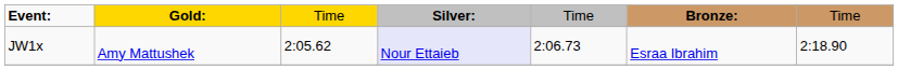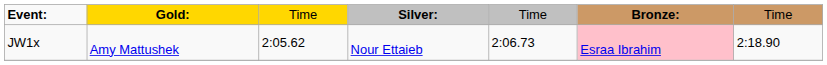 <table class="wikitable" width=80%>
 <tr>
 <td><strong>Event:</strong></td>
 <td style="text-align:center;background-color:gold;"><strong>Gold:</strong></td>
 <td style="text-align:center;background-color:gold;">Time</td>
 <td style="text-align:center;background-color:silver;"><strong>Silver:</strong></td>
 <td style="text-align:center;background-color:silver;">Time</td>
 <td style="text-align:center;background-color:#CC9966;"><strong>Bronze:</strong></td>
 <td style="text-align:center;background-color:#CC9966;">Time</td>
 </tr>
 <tr>
 <td>JW1x</td>
 <td><br><a href='#'>Amy Mattushek</a></td>
 <td>2:05.62</td>
-<td style="background: lavender;"><br><a href='#'>Nour Ettaieb</a></td>
+<td><br><a href='#'>Nour Ettaieb</a></td>
 <td>2:06.73</td>
-<td><br><a href='#'>Esraa Ibrahim</a></td>
+<td style="background: pink;"><br><a href='#'>Esraa Ibrahim</a></td>
 <td>2:18.90</td>
 </tr>
 <tr>
 </tr>
 </table>
